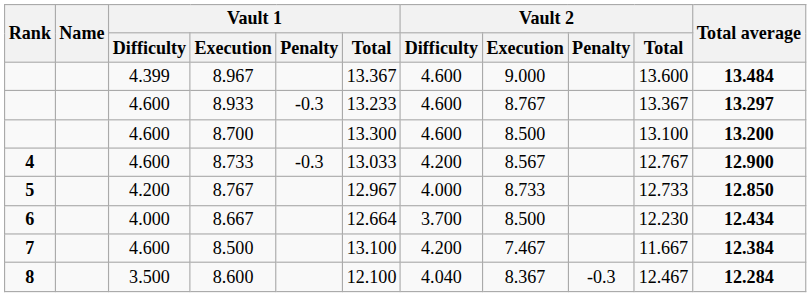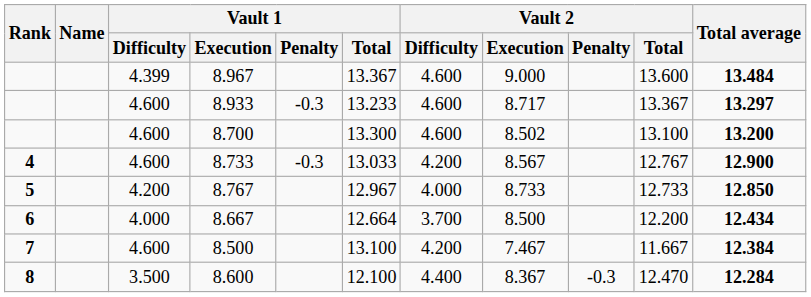 <table class="wikitable sortable" style="text-align:center">
 <tr>
 <th rowspan=2>Rank</th>
 <th rowspan=2>Name</th>
 <th colspan=4>Vault 1</th>
 <th colspan=4>Vault 2</th>
 <th rowspan=2>Total average</th>
 </tr>
 <tr>
 <th>Difficulty</th>
 <th>Execution</th>
 <th>Penalty</th>
 <th>Total</th>
 <th>Difficulty</th>
 <th>Execution</th>
 <th>Penalty</th>
 <th>Total</th>
 </tr>
 <tr>
 <td></td>
 <td align="left"></td>
 <td>4.399</td>
 <td>8.967</td>
 <td></td>
 <td>13.367</td>
 <td>4.600</td>
 <td>9.000</td>
 <td></td>
 <td>13.600</td>
 <td><strong>13.484</strong></td>
 </tr>
 <tr>
 <td></td>
 <td align="left"></td>
 <td>4.600</td>
 <td>8.933</td>
 <td>-0.3</td>
 <td>13.233</td>
 <td>4.600</td>
-<td>8.767</td>
+<td>8.717</td>
 <td></td>
 <td>13.367</td>
 <td><strong>13.297</strong></td>
 </tr>
 <tr>
 <td></td>
 <td align="left"></td>
 <td>4.600</td>
 <td>8.700</td>
 <td></td>
 <td>13.300</td>
 <td>4.600</td>
-<td>8.500</td>
+<td>8.502</td>
 <td></td>
 <td>13.100</td>
 <td><strong>13.200</strong></td>
 </tr>
 <tr>
 <td><strong>4</strong></td>
 <td align="left"></td>
 <td>4.600</td>
 <td>8.733</td>
 <td>-0.3</td>
 <td>13.033</td>
 <td>4.200</td>
 <td>8.567</td>
 <td></td>
 <td>12.767</td>
 <td><strong>12.900</strong></td>
 </tr>
 <tr>
 <td><strong>5</strong></td>
 <td align="left"></td>
 <td>4.200</td>
 <td>8.767</td>
 <td></td>
 <td>12.967</td>
 <td>4.000</td>
 <td>8.733</td>
 <td></td>
 <td>12.733</td>
 <td><strong>12.850</strong></td>
 </tr>
 <tr>
 <td><strong>6</strong></td>
 <td align="left"></td>
 <td>4.000</td>
 <td>8.667</td>
 <td></td>
 <td>12.664</td>
 <td>3.700</td>
 <td>8.500</td>
 <td></td>
-<td>12.230</td>
+<td>12.200</td>
 <td><strong>12.434</strong></td>
 </tr>
 <tr>
 <td><strong>7</strong></td>
 <td align="left"></td>
 <td>4.600</td>
 <td>8.500</td>
 <td></td>
 <td>13.100</td>
 <td>4.200</td>
 <td>7.467</td>
 <td></td>
 <td>11.667</td>
 <td><strong>12.384</strong></td>
 </tr>
 <tr>
 <td><strong>8</strong></td>
 <td align="left"></td>
 <td>3.500</td>
 <td>8.600</td>
 <td></td>
 <td>12.100</td>
-<td>4.040</td>
+<td>4.400</td>
 <td>8.367</td>
 <td>-0.3</td>
-<td>12.467</td>
+<td>12.470</td>
 <td><strong>12.284</strong></td>
 </tr>
 </table>
